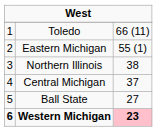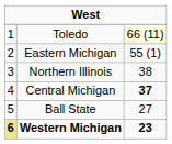 <table class="wikitable" style="display: inline-table;">
 <tr align="center">
 <td align="center" Colspan="3"><strong>West</strong></td>
 </tr>
 <tr align="center">
 </tr>
 <tr align="center">
 <td>1</td>
 <td>Toledo</td>
-<td>66 (11)</td>
+<td style="background: lightyellow;">66 (11)</td>
 </tr>
 <tr align="center">
 <td>2</td>
 <td>Eastern Michigan</td>
 <td>55 (1)</td>
 </tr>
 <tr align="center">
 <td>3</td>
 <td>Northern Illinois</td>
 <td>38</td>
 </tr>
 <tr align="center">
 <td>4</td>
 <td>Central Michigan</td>
-<td>37</td>
+<td><strong>37</strong></td>
 </tr>
 <tr align="center">
 <td>5</td>
 <td>Ball State</td>
 <td>27</td>
 </tr>
 <tr align="center">
-<td><strong>6</strong></td>
+<td style="background: khaki;"><strong>6</strong></td>
 <td><strong>Western Michigan</strong></td>
-<td style="background: pink;"><strong>23</strong></td>
+<td><strong>23</strong></td>
 </tr>
 </table>
